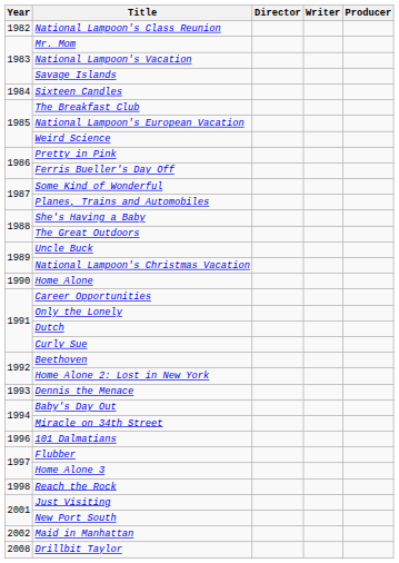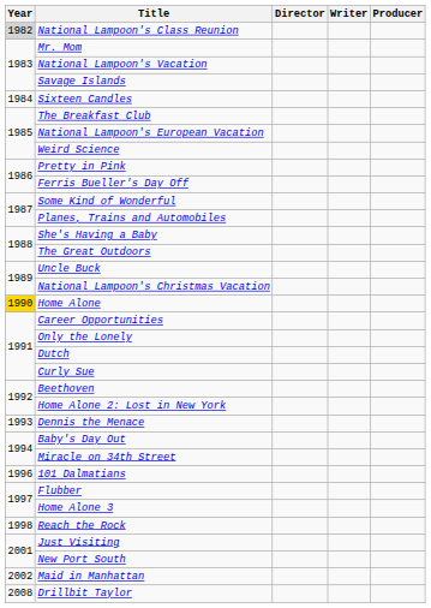 <table class="wikitable sortable">
 <tr>
 <th scope="col">Year</th>
 <th scope="col">Title</th>
 <th scope="col">Director</th>
 <th scope="col">Writer</th>
 <th scope="col">Producer</th>
 </tr>
 <tr>
-<td>1982</td>
+<td style="background: lightgrey;">1982</td>
 <td scope="row"><em><a href='#'>National Lampoon's Class Reunion</a></em></td>
 <td></td>
 <td></td>
 <td></td>
 </tr>
 <tr>
 <td rowspan="3">1983</td>
 <td scope="row"><em><a href='#'>Mr. Mom</a></em></td>
 <td></td>
 <td></td>
 <td></td>
 </tr>
 <tr>
 <td scope="row"><em><a href='#'>National Lampoon's Vacation</a></em></td>
 <td></td>
 <td></td>
 <td></td>
 </tr>
 <tr>
 <td scope="row"><em><a href='#'>Savage Islands</a></em></td>
 <td></td>
 <td></td>
 <td></td>
 </tr>
 <tr>
 <td>1984</td>
 <td scope="row"><em><a href='#'>Sixteen Candles</a></em></td>
 <td></td>
 <td></td>
 <td></td>
 </tr>
 <tr>
 <td rowspan=3>1985</td>
 <td scope="row"><em><a href='#'>The Breakfast Club</a></em></td>
 <td></td>
 <td></td>
 <td></td>
 </tr>
 <tr>
 <td scope="row"><em><a href='#'>National Lampoon's European Vacation</a></em></td>
 <td></td>
 <td></td>
 <td></td>
 </tr>
 <tr>
 <td scope="row"><em><a href='#'>Weird Science</a></em></td>
 <td></td>
 <td></td>
 <td></td>
 </tr>
 <tr>
 <td rowspan=2>1986</td>
 <td scope="row"><em><a href='#'>Pretty in Pink</a></em></td>
 <td></td>
 <td></td>
 <td></td>
 </tr>
 <tr>
 <td scope="row"><em><a href='#'>Ferris Bueller's Day Off</a></em></td>
 <td></td>
 <td></td>
 <td></td>
 </tr>
 <tr>
 <td rowspan=2>1987</td>
 <td scope="row"><em><a href='#'>Some Kind of Wonderful</a></em></td>
 <td></td>
 <td></td>
 <td></td>
 </tr>
 <tr>
 <td scope="row"><em><a href='#'>Planes, Trains and Automobiles</a></em></td>
 <td></td>
 <td></td>
 <td></td>
 </tr>
 <tr>
 <td rowspan=2>1988</td>
 <td scope="row"><em><a href='#'>She's Having a Baby</a></em></td>
 <td></td>
 <td></td>
 <td></td>
 </tr>
 <tr>
 <td scope="row"><em><a href='#'>The Great Outdoors</a></em></td>
 <td></td>
 <td></td>
 <td></td>
 </tr>
 <tr>
 <td rowspan=2>1989</td>
 <td scope="row"><em><a href='#'>Uncle Buck</a></em></td>
 <td></td>
 <td></td>
 <td></td>
 </tr>
 <tr>
 <td scope="row"><em><a href='#'>National Lampoon's Christmas Vacation</a></em></td>
 <td></td>
 <td></td>
 <td></td>
 </tr>
 <tr>
-<td>1990</td>
+<td style="background: gold;">1990</td>
 <td scope="row"><em><a href='#'>Home Alone</a></em></td>
 <td></td>
 <td></td>
 <td></td>
 </tr>
 <tr>
 <td rowspan=4>1991</td>
 <td scope="row"><em><a href='#'>Career Opportunities</a></em></td>
 <td></td>
 <td></td>
 <td></td>
 </tr>
 <tr>
 <td scope="row"><em><a href='#'>Only the Lonely</a></em></td>
 <td></td>
 <td></td>
 <td></td>
 </tr>
 <tr>
 <td scope="row"><em><a href='#'>Dutch</a></em></td>
 <td></td>
 <td></td>
 <td></td>
 </tr>
 <tr>
 <td scope="row"><em><a href='#'>Curly Sue</a></em></td>
 <td></td>
 <td></td>
 <td></td>
 </tr>
 <tr>
 <td rowspan=2>1992</td>
 <td scope="row"><em><a href='#'>Beethoven</a></em></td>
 <td></td>
 <td></td>
 <td></td>
 </tr>
 <tr>
 <td scope="row"><em><a href='#'>Home Alone 2: Lost in New York</a></em></td>
 <td></td>
 <td></td>
 <td></td>
 </tr>
 <tr>
 <td>1993</td>
 <td scope="row"><em><a href='#'>Dennis the Menace</a></em></td>
 <td></td>
 <td></td>
 <td></td>
 </tr>
 <tr>
 <td rowspan=2>1994</td>
 <td scope="row"><em><a href='#'>Baby's Day Out</a></em></td>
 <td></td>
 <td></td>
 <td></td>
 </tr>
 <tr>
 <td scope="row"><em><a href='#'>Miracle on 34th Street</a></em></td>
 <td></td>
 <td></td>
 <td></td>
 </tr>
 <tr>
 <td>1996</td>
 <td scope="row"><em><a href='#'>101 Dalmatians</a></em></td>
 <td></td>
 <td></td>
 <td></td>
 </tr>
 <tr>
 <td rowspan=2>1997</td>
 <td scope="row"><em><a href='#'>Flubber</a></em></td>
 <td></td>
 <td></td>
 <td></td>
 </tr>
 <tr>
 <td scope="row"><em><a href='#'>Home Alone 3</a></em></td>
 <td></td>
 <td></td>
 <td></td>
 </tr>
 <tr>
 <td>1998</td>
 <td scope="row"><em><a href='#'>Reach the Rock</a></em></td>
 <td></td>
 <td></td>
 <td></td>
 </tr>
 <tr>
 <td rowspan=2>2001</td>
 <td scope="row"><em><a href='#'>Just Visiting</a></em></td>
 <td></td>
 <td></td>
 <td></td>
 </tr>
 <tr>
 <td scope="row"><em><a href='#'>New Port South</a></em></td>
 <td></td>
 <td></td>
 <td></td>
 </tr>
 <tr>
 <td>2002</td>
 <td scope="row"><em><a href='#'>Maid in Manhattan</a></em></td>
 <td></td>
 <td></td>
 <td></td>
 </tr>
 <tr>
 <td>2008</td>
 <td scope="row"><em><a href='#'>Drillbit Taylor</a></em></td>
 <td></td>
 <td></td>
 <td></td>
 </tr>
 </table>
